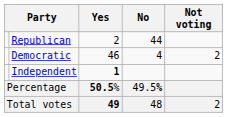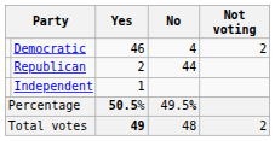 <table class="wikitable" style="margin-right: 1em; background: #f9f9f9; text-align: right;">
 <tr>
 <th colspan="2" scope="col" style="width: 90px">Party</th>
 <th scope="col" style="width: 50px">Yes</th>
 <th scope="col" style="width: 50px">No</th>
 <th scope="col" style="width: 70px">Not voting</th>
+</tr>
+<tr>
+<td scope="row" style="background-color:"></td>
+<td scope="row" style="text-align: left;"><a href='#'>Democratic</a></td>
+<td>46</td>
+<td>4</td>
+<td>2</td>
 </tr>
 <tr>
 <td scope="row" style="background-color:"></td>
 <td scope="row" style="text-align: left;"><a href='#'>Republican</a></td>
 <td>2</td>
 <td>44</td>
 <td></td>
 </tr>
 <tr>
 <td scope="row" style="background-color:"></td>
-<td scope="row" style="text-align: left;"><a href='#'>Democratic</a></td>
-<td>46</td>
-<td>4</td>
-<td>2</td>
-</tr>
-<tr>
-<td scope="row" style="background-color:"></td>
 <td><a href='#'>Independent</a></td>
-<td><strong>1</strong></td>
+<td>1</td>
 <td></td>
 <td></td>
 </tr>
 <tr class="tfoot" style="background:#f2f2f2;" |>
 <td colspan="2" scope="row" style="text-align:left;">Percentage</td>
 <td><strong>50.5</strong>%</td>
 <td>49.5<strong>%</strong></td>
 <td></td>
 </tr>
 <tr class="tfoot" style="background:#f2f2f2;">
 <td colspan="2" scope="row" style="text-align:left;">Total votes</td>
 <td> <strong>49</strong></td>
 <td>48</td>
 <td>2</td>
 </tr>
 </table>
